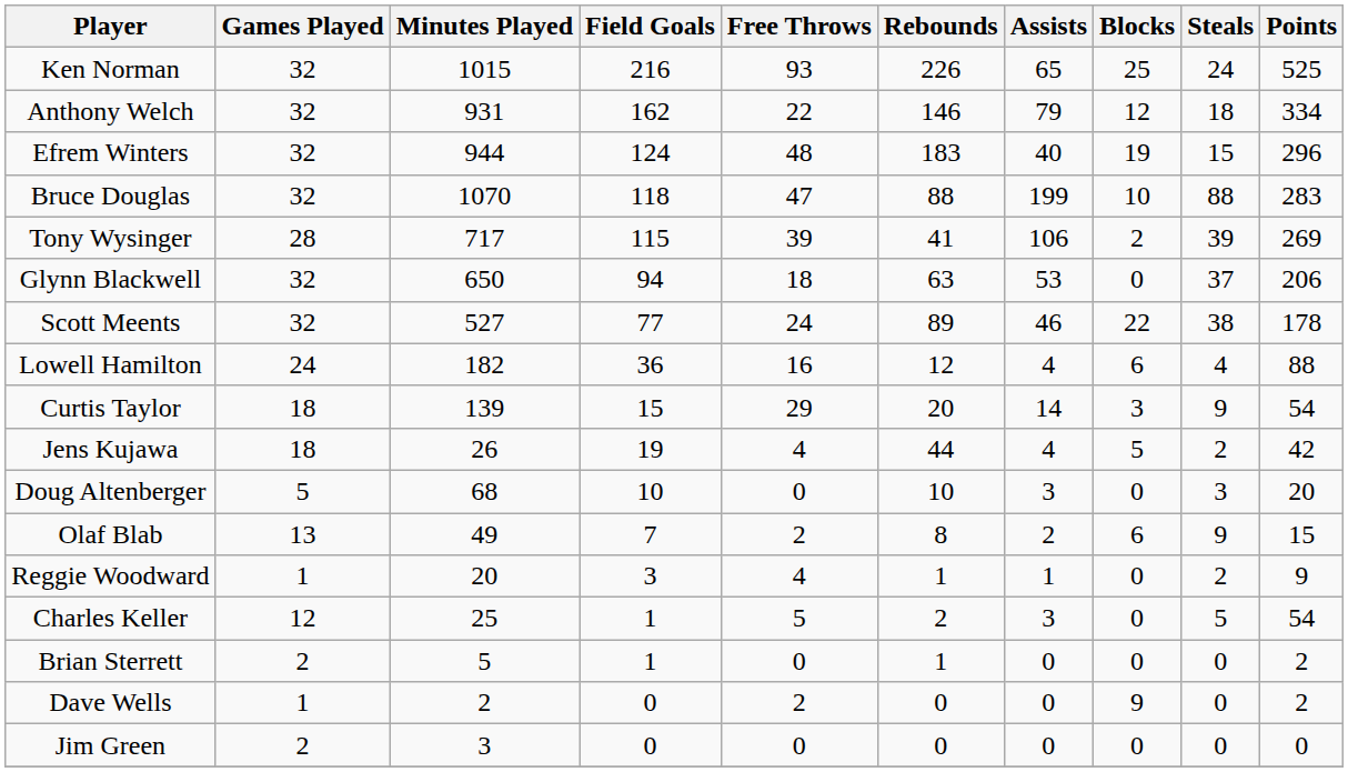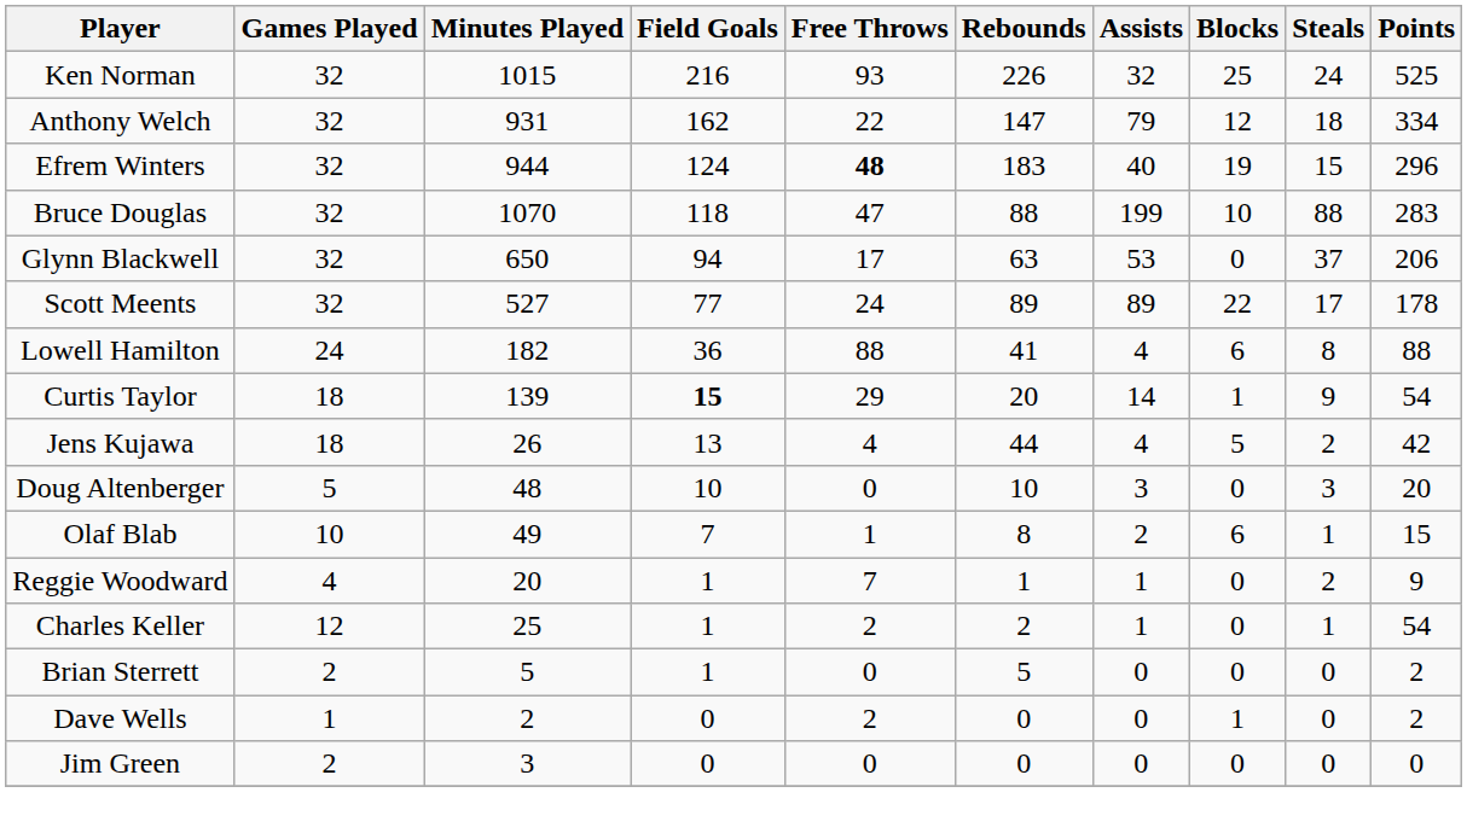 <table class="wikitable sortable" style="text-align:center">
 <tr>
 <th>Player</th>
 <th>Games Played</th>
 <th>Minutes Played</th>
 <th>Field Goals</th>
 <th>Free Throws</th>
 <th>Rebounds</th>
 <th>Assists</th>
 <th>Blocks</th>
 <th>Steals</th>
 <th>Points</th>
 </tr>
 <tr align="center" bgcolor="">
 <td>Ken Norman</td>
 <td>32</td>
 <td>1015</td>
 <td>216</td>
 <td>93</td>
 <td>226</td>
-<td>65</td>
+<td>32</td>
 <td>25</td>
 <td>24</td>
 <td>525</td>
 </tr>
 <tr align="center" bgcolor="">
 <td>Anthony Welch</td>
 <td>32</td>
 <td>931</td>
 <td>162</td>
 <td>22</td>
-<td>146</td>
+<td>147</td>
 <td>79</td>
 <td>12</td>
 <td>18</td>
 <td>334</td>
 </tr>
 <tr align="center" bgcolor="">
 <td>Efrem Winters</td>
 <td>32</td>
 <td>944</td>
 <td>124</td>
-<td>48</td>
+<td><strong>48</strong></td>
 <td>183</td>
 <td>40</td>
 <td>19</td>
 <td>15</td>
 <td>296</td>
 </tr>
 <tr align="center" bgcolor="">
 <td>Bruce Douglas</td>
 <td>32</td>
 <td>1070</td>
 <td>118</td>
 <td>47</td>
 <td>88</td>
 <td>199</td>
 <td>10</td>
 <td>88</td>
 <td>283</td>
 </tr>
 <tr align="center" bgcolor="">
-<td>Tony Wysinger</td>
-<td>28</td>
-<td>717</td>
-<td>115</td>
-<td>39</td>
-<td>41</td>
-<td>106</td>
-<td>2</td>
-<td>39</td>
-<td>269</td>
-</tr>
-<tr align="center" bgcolor="">
 <td>Glynn Blackwell</td>
 <td>32</td>
 <td>650</td>
 <td>94</td>
-<td>18</td>
+<td>17</td>
 <td>63</td>
 <td>53</td>
 <td>0</td>
 <td>37</td>
 <td>206</td>
 </tr>
 <tr align="center" bgcolor="">
 <td>Scott Meents</td>
 <td>32</td>
 <td>527</td>
 <td>77</td>
 <td>24</td>
 <td>89</td>
-<td>46</td>
+<td>89</td>
 <td>22</td>
-<td>38</td>
+<td>17</td>
 <td>178</td>
 </tr>
 <tr align="center" bgcolor="">
 <td>Lowell Hamilton</td>
 <td>24</td>
 <td>182</td>
 <td>36</td>
-<td>16</td>
-<td>12</td>
+<td>88</td>
+<td>41</td>
 <td>4</td>
 <td>6</td>
-<td>4</td>
+<td>8</td>
 <td>88</td>
 </tr>
 <tr align="center" bgcolor="">
 <td>Curtis Taylor</td>
 <td>18</td>
 <td>139</td>
-<td>15</td>
+<td><strong>15</strong></td>
 <td>29</td>
 <td>20</td>
 <td>14</td>
-<td>3</td>
+<td>1</td>
 <td>9</td>
 <td>54</td>
 </tr>
 <tr align="center" bgcolor="">
 <td>Jens Kujawa</td>
 <td>18</td>
 <td>26</td>
-<td>19</td>
+<td>13</td>
 <td>4</td>
 <td>44</td>
 <td>4</td>
 <td>5</td>
 <td>2</td>
 <td>42</td>
 </tr>
 <tr align="center" bgcolor="">
 <td>Doug Altenberger</td>
 <td>5</td>
-<td>68</td>
+<td>48</td>
 <td>10</td>
 <td>0</td>
 <td>10</td>
 <td>3</td>
 <td>0</td>
 <td>3</td>
 <td>20</td>
 </tr>
 <tr align="center" bgcolor="">
 <td>Olaf Blab</td>
-<td>13</td>
+<td>10</td>
 <td>49</td>
 <td>7</td>
-<td>2</td>
+<td>1</td>
 <td>8</td>
 <td>2</td>
 <td>6</td>
-<td>9</td>
+<td>1</td>
 <td>15</td>
 </tr>
 <tr align="center" bgcolor="">
 <td>Reggie Woodward</td>
+<td>4</td>
+<td>20</td>
 <td>1</td>
-<td>20</td>
-<td>3</td>
-<td>4</td>
+<td>7</td>
 <td>1</td>
 <td>1</td>
 <td>0</td>
 <td>2</td>
 <td>9</td>
 </tr>
 <tr align="center" bgcolor="">
 <td>Charles Keller</td>
 <td>12</td>
 <td>25</td>
 <td>1</td>
-<td>5</td>
 <td>2</td>
-<td>3</td>
+<td>2</td>
+<td>1</td>
 <td>0</td>
-<td>5</td>
+<td>1</td>
 <td>54</td>
 </tr>
 <tr align="center" bgcolor="">
 <td>Brian Sterrett</td>
 <td>2</td>
 <td>5</td>
 <td>1</td>
 <td>0</td>
-<td>1</td>
+<td>5</td>
 <td>0</td>
 <td>0</td>
 <td>0</td>
 <td>2</td>
 </tr>
 <tr align="center" bgcolor="">
 <td>Dave Wells</td>
 <td>1</td>
 <td>2</td>
 <td>0</td>
 <td>2</td>
 <td>0</td>
 <td>0</td>
-<td>9</td>
+<td>1</td>
 <td>0</td>
 <td>2</td>
 </tr>
 <tr align="center" bgcolor="">
 <td>Jim Green</td>
 <td>2</td>
 <td>3</td>
 <td>0</td>
 <td>0</td>
 <td>0</td>
 <td>0</td>
 <td>0</td>
 <td>0</td>
 <td>0</td>
 </tr>
 <tr align="center" bgcolor="">
 </tr>
 </table>
